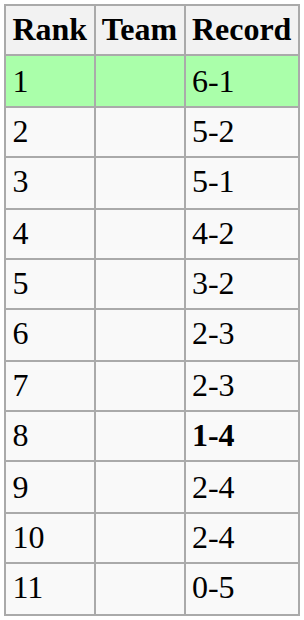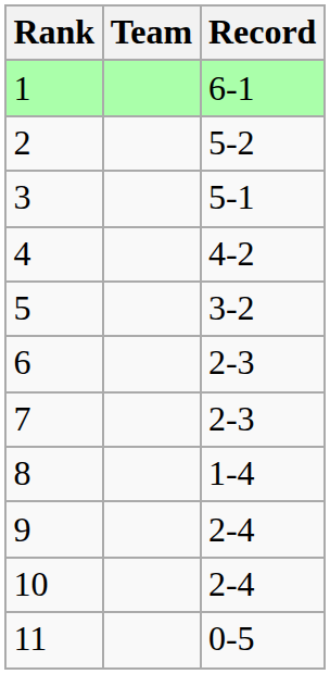 <table class="wikitable">
 <tr>
 <th>Rank</th>
 <th>Team</th>
 <th>Record</th>
 </tr>
 <tr>
 </tr>
 <tr bgcolor=#aaffaa>
 <td>1</td>
 <td></td>
 <td>6-1</td>
 </tr>
 <tr>
 </tr>
 <tr bgcolor=>
 <td>2</td>
 <td></td>
 <td>5-2</td>
 </tr>
 <tr>
 <td>3</td>
 <td></td>
 <td>5-1</td>
 </tr>
 <tr>
 </tr>
 <tr bgcolor=>
 <td>4</td>
 <td></td>
 <td>4-2</td>
 </tr>
 <tr>
 </tr>
 <tr bgcolor=>
 <td>5</td>
 <td></td>
 <td>3-2</td>
 </tr>
 <tr>
 <td>6</td>
 <td></td>
 <td>2-3</td>
 </tr>
 <tr>
 <td>7</td>
 <td></td>
 <td>2-3</td>
 </tr>
 <tr>
 <td>8</td>
 <td></td>
-<td><strong>1-4</strong></td>
+<td>1-4</td>
 </tr>
 <tr>
 <td>9</td>
 <td></td>
 <td>2-4</td>
 </tr>
 <tr>
 <td>10</td>
 <td></td>
 <td>2-4</td>
 </tr>
 <tr>
 <td>11</td>
 <td></td>
 <td>0-5</td>
 </tr>
 </table>
